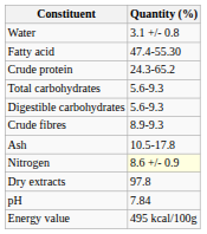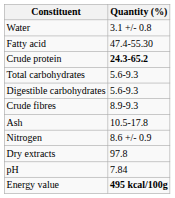 <table class="wikitable">
 <tr>
 <th>Constituent</th>
 <th>Quantity (%)</th>
 </tr>
 <tr>
 <td>Water</td>
 <td>3.1 +/- 0.8</td>
 </tr>
 <tr>
 <td>Fatty acid</td>
 <td>47.4-55.30</td>
 </tr>
 <tr>
 <td>Crude protein</td>
-<td>24.3-65.2</td>
+<td><strong>24.3-65.2</strong></td>
 </tr>
 <tr>
 <td>Total carbohydrates</td>
 <td>5.6-9.3</td>
 </tr>
 <tr>
 <td>Digestible carbohydrates</td>
 <td>5.6-9.3</td>
 </tr>
 <tr>
 <td>Crude fibres</td>
 <td>8.9-9.3</td>
 </tr>
 <tr>
 <td>Ash</td>
 <td>10.5-17.8</td>
 </tr>
 <tr>
 <td>Nitrogen</td>
-<td style="background: lightyellow;">8.6 +/- 0.9</td>
+<td>8.6 +/- 0.9</td>
 </tr>
 <tr>
 <td>Dry extracts</td>
 <td>97.8</td>
 </tr>
 <tr>
 <td>pH</td>
 <td>7.84</td>
 </tr>
 <tr>
 <td>Energy value</td>
-<td>495 kcal/100g</td>
+<td><strong>495 kcal/100g</strong></td>
 </tr>
 </table>
